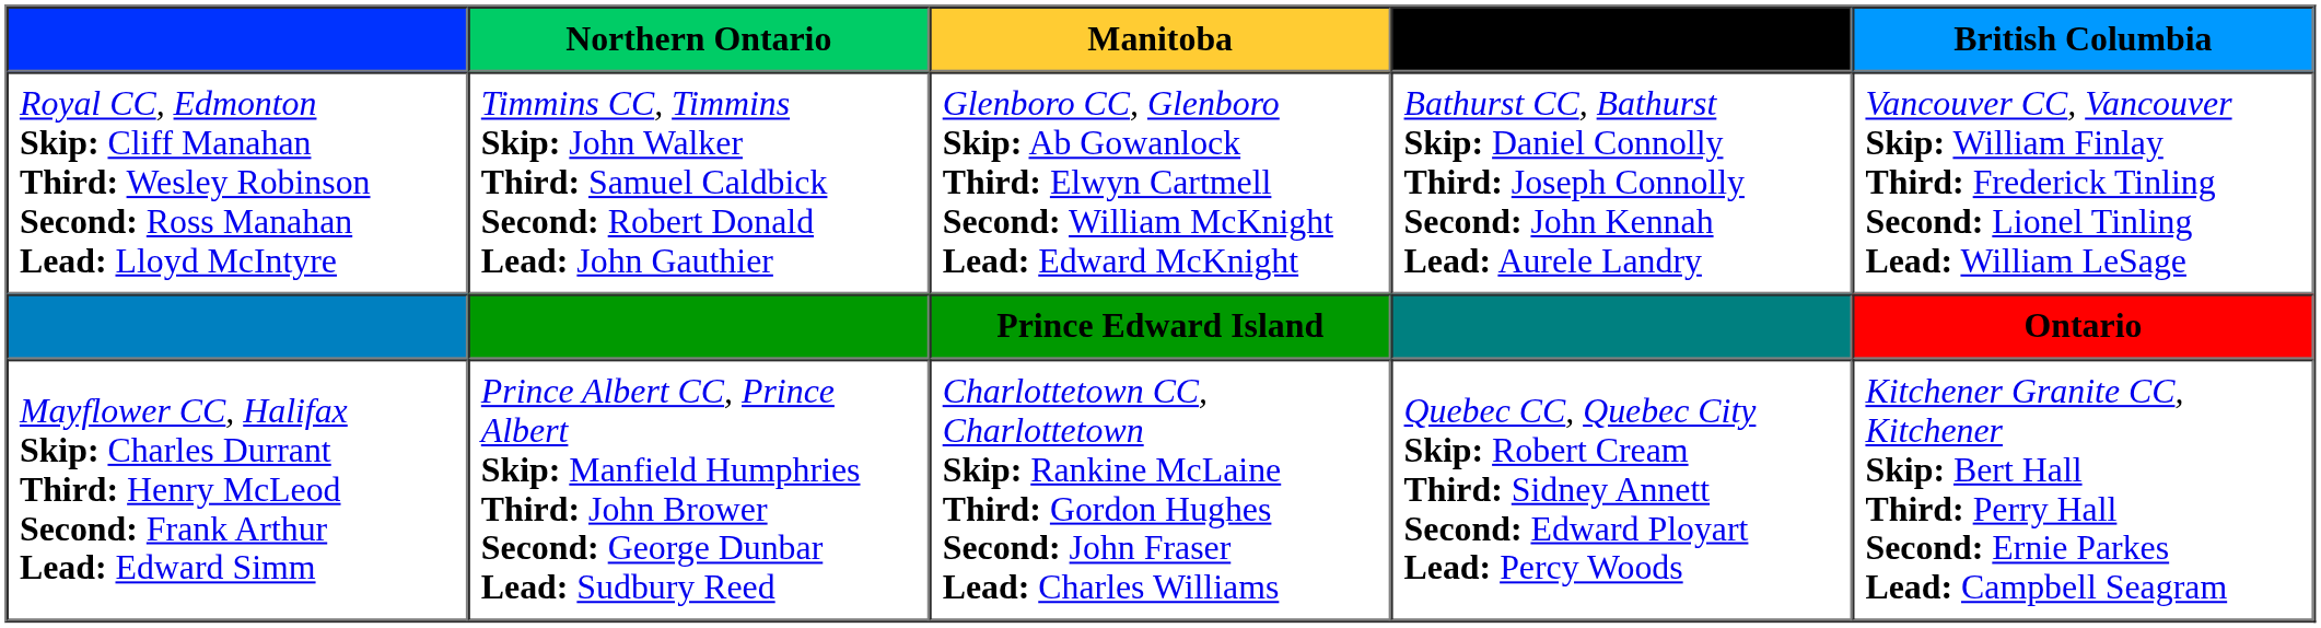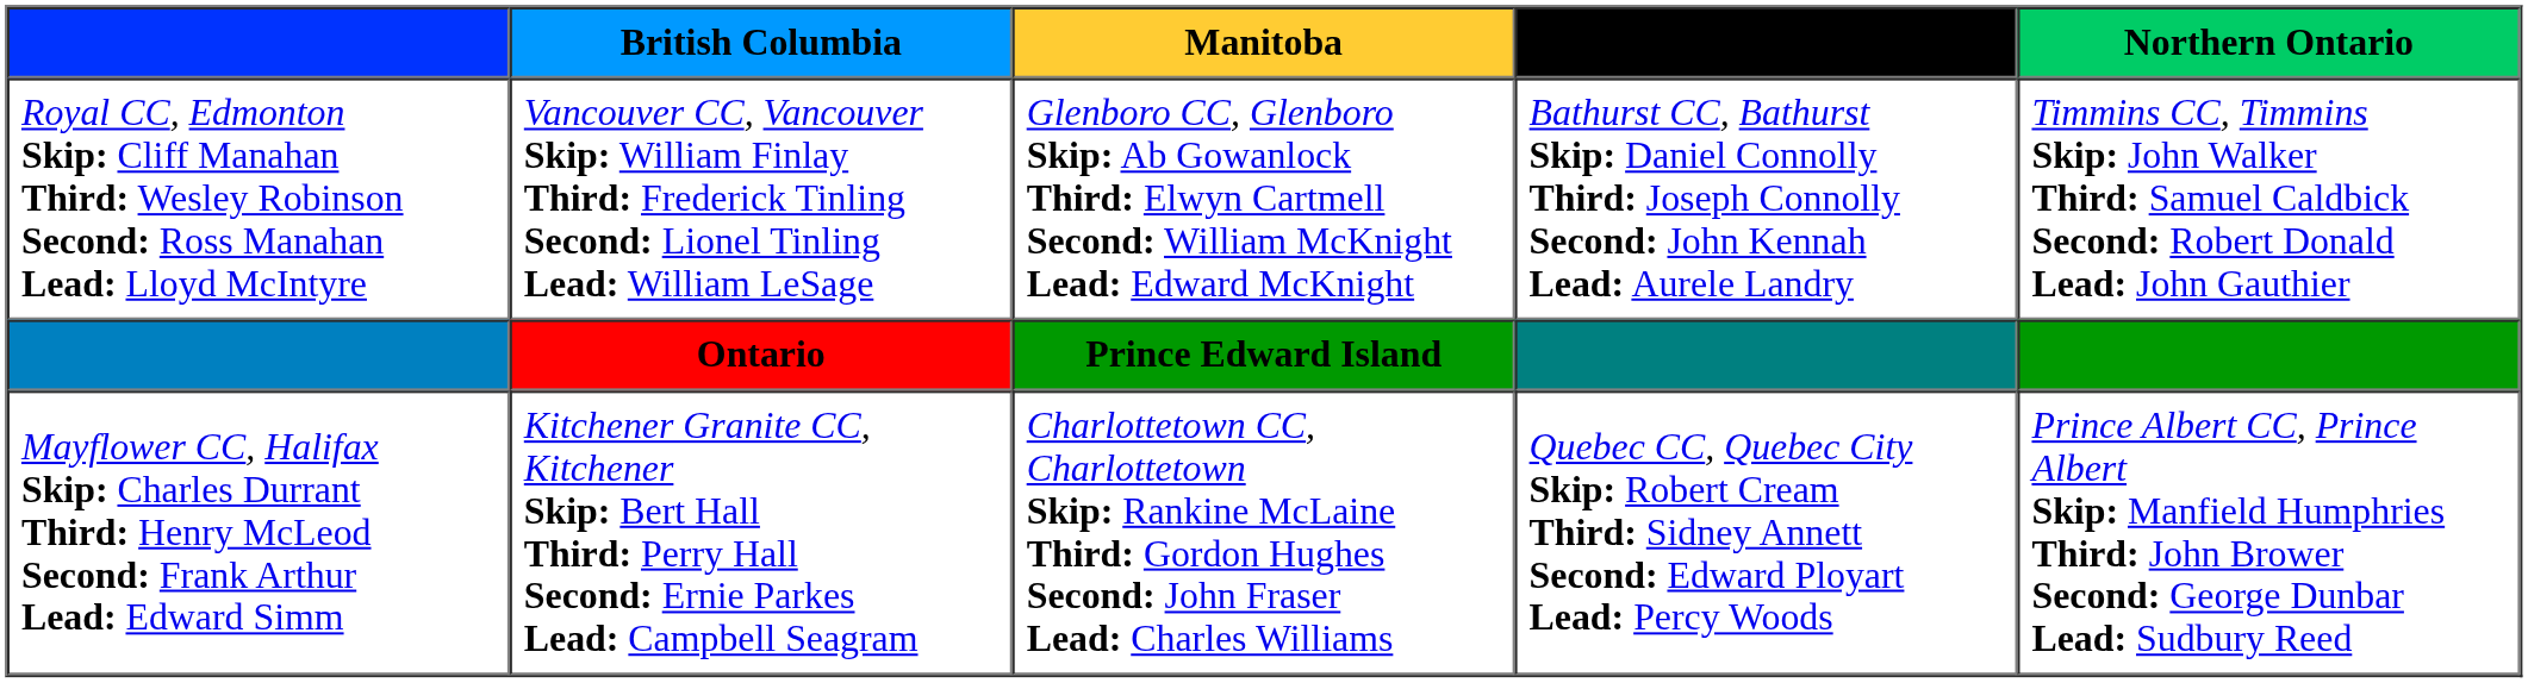 <table - border=1 cellpadding=5 cellspacing=0>
 <tr>
 <th bgcolor=#0033FF width=200></th>
-<th style="background:#0c6; width:200px;">Northern Ontario</th>
+<th style="background:#09f; width:200px;">British Columbia</th>
 <th style="background:#FFCC33; width:200px;">Manitoba</th>
 <th bgcolor=#000000 width=200></th>
-<th style="background:#09f; width:200px;">British Columbia</th>
+<th style="background:#0c6; width:200px;">Northern Ontario</th>
 </tr>
 <tr>
 <td><em><a href='#'>Royal CC</a>, <a href='#'>Edmonton</a></em><br><strong>Skip:</strong> <a href='#'>Cliff Manahan</a><br> <strong>Third:</strong> <a href='#'>Wesley Robinson</a><br> <strong>Second:</strong> <a href='#'>Ross Manahan</a><br> <strong>Lead:</strong> <a href='#'>Lloyd McIntyre</a></td>
-<td><em><a href='#'>Timmins CC</a>, <a href='#'>Timmins</a></em><br><strong>Skip:</strong> <a href='#'>John Walker</a><br> <strong>Third:</strong> <a href='#'>Samuel Caldbick</a><br> <strong>Second:</strong> <a href='#'>Robert Donald</a><br> <strong>Lead:</strong> <a href='#'>John Gauthier</a></td>
+<td><em><a href='#'>Vancouver CC</a>, <a href='#'>Vancouver</a></em><br><strong>Skip:</strong> <a href='#'>William Finlay</a><br> <strong>Third:</strong> <a href='#'>Frederick Tinling</a><br> <strong>Second:</strong> <a href='#'>Lionel Tinling</a><br> <strong>Lead:</strong> <a href='#'>William LeSage</a></td>
 <td><em><a href='#'>Glenboro CC</a>, <a href='#'>Glenboro</a></em><br><strong>Skip:</strong> <a href='#'>Ab Gowanlock</a><br> <strong>Third:</strong> <a href='#'>Elwyn Cartmell</a><br> <strong>Second:</strong> <a href='#'>William McKnight</a><br> <strong>Lead:</strong> <a href='#'>Edward McKnight</a></td>
 <td><em><a href='#'>Bathurst CC</a>, <a href='#'>Bathurst</a></em><br><strong>Skip:</strong> <a href='#'>Daniel Connolly</a><br> <strong>Third:</strong> <a href='#'>Joseph Connolly</a><br> <strong>Second:</strong> <a href='#'>John Kennah</a><br> <strong>Lead:</strong> <a href='#'>Aurele Landry</a></td>
-<td><em><a href='#'>Vancouver CC</a>, <a href='#'>Vancouver</a></em><br><strong>Skip:</strong> <a href='#'>William Finlay</a><br> <strong>Third:</strong> <a href='#'>Frederick Tinling</a><br> <strong>Second:</strong> <a href='#'>Lionel Tinling</a><br> <strong>Lead:</strong> <a href='#'>William LeSage</a></td>
+<td><em><a href='#'>Timmins CC</a>, <a href='#'>Timmins</a></em><br><strong>Skip:</strong> <a href='#'>John Walker</a><br> <strong>Third:</strong> <a href='#'>Samuel Caldbick</a><br> <strong>Second:</strong> <a href='#'>Robert Donald</a><br> <strong>Lead:</strong> <a href='#'>John Gauthier</a></td>
 </tr>
 <tr border=1 cellpadding=5 cellspacing=0>
 <th bgcolor=#0080C0 width=200></th>
-<th bgcolor=#009900 width=200></th>
+<th bgcolor=#FF0000 width=200>Ontario</th>
 <th style="background:#090; width:200px;">Prince Edward Island</th>
 <th style="background:#008080; width:200px;"></th>
-<th bgcolor=#FF0000 width=200>Ontario</th>
+<th bgcolor=#009900 width=200></th>
 </tr>
 <tr>
 <td><em><a href='#'>Mayflower CC</a>, <a href='#'>Halifax</a></em><br><strong>Skip:</strong> <a href='#'>Charles Durrant</a><br> <strong>Third:</strong> <a href='#'>Henry McLeod</a><br> <strong>Second:</strong> <a href='#'>Frank Arthur</a><br> <strong>Lead:</strong> <a href='#'>Edward Simm</a></td>
-<td><em><a href='#'>Prince Albert CC</a>, <a href='#'>Prince Albert</a></em><br><strong>Skip:</strong> <a href='#'>Manfield Humphries</a><br> <strong>Third:</strong> <a href='#'>John Brower</a><br> <strong>Second:</strong> <a href='#'>George Dunbar</a><br> <strong>Lead:</strong> <a href='#'>Sudbury Reed</a></td>
+<td><em><a href='#'>Kitchener Granite CC</a>, <a href='#'>Kitchener</a></em><br><strong>Skip:</strong> <a href='#'>Bert Hall</a><br> <strong>Third:</strong> <a href='#'>Perry Hall</a><br> <strong>Second:</strong> <a href='#'>Ernie Parkes</a><br> <strong>Lead:</strong> <a href='#'>Campbell Seagram</a></td>
 <td><em><a href='#'>Charlottetown CC</a>, <a href='#'>Charlottetown</a></em><br><strong>Skip:</strong> <a href='#'>Rankine McLaine</a><br> <strong>Third:</strong> <a href='#'>Gordon Hughes</a><br> <strong>Second:</strong> <a href='#'>John Fraser</a><br> <strong>Lead:</strong> <a href='#'>Charles Williams</a></td>
 <td><em><a href='#'>Quebec CC</a>, <a href='#'>Quebec City</a></em><br><strong>Skip:</strong> <a href='#'>Robert Cream</a><br> <strong>Third:</strong> <a href='#'>Sidney Annett</a><br> <strong>Second:</strong> <a href='#'>Edward Ployart</a><br> <strong>Lead:</strong> <a href='#'>Percy Woods</a></td>
-<td><em><a href='#'>Kitchener Granite CC</a>, <a href='#'>Kitchener</a></em><br><strong>Skip:</strong> <a href='#'>Bert Hall</a><br> <strong>Third:</strong> <a href='#'>Perry Hall</a><br> <strong>Second:</strong> <a href='#'>Ernie Parkes</a><br> <strong>Lead:</strong> <a href='#'>Campbell Seagram</a></td>
+<td><em><a href='#'>Prince Albert CC</a>, <a href='#'>Prince Albert</a></em><br><strong>Skip:</strong> <a href='#'>Manfield Humphries</a><br> <strong>Third:</strong> <a href='#'>John Brower</a><br> <strong>Second:</strong> <a href='#'>George Dunbar</a><br> <strong>Lead:</strong> <a href='#'>Sudbury Reed</a></td>
 </tr>
 </table>
